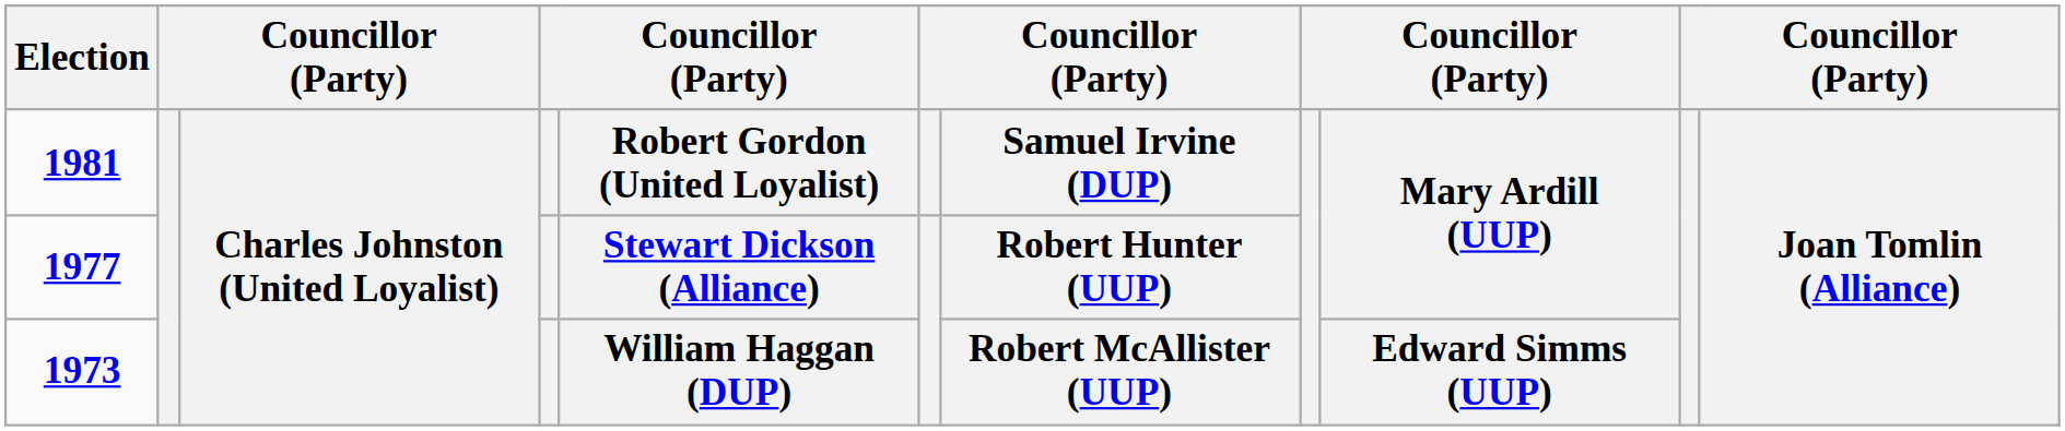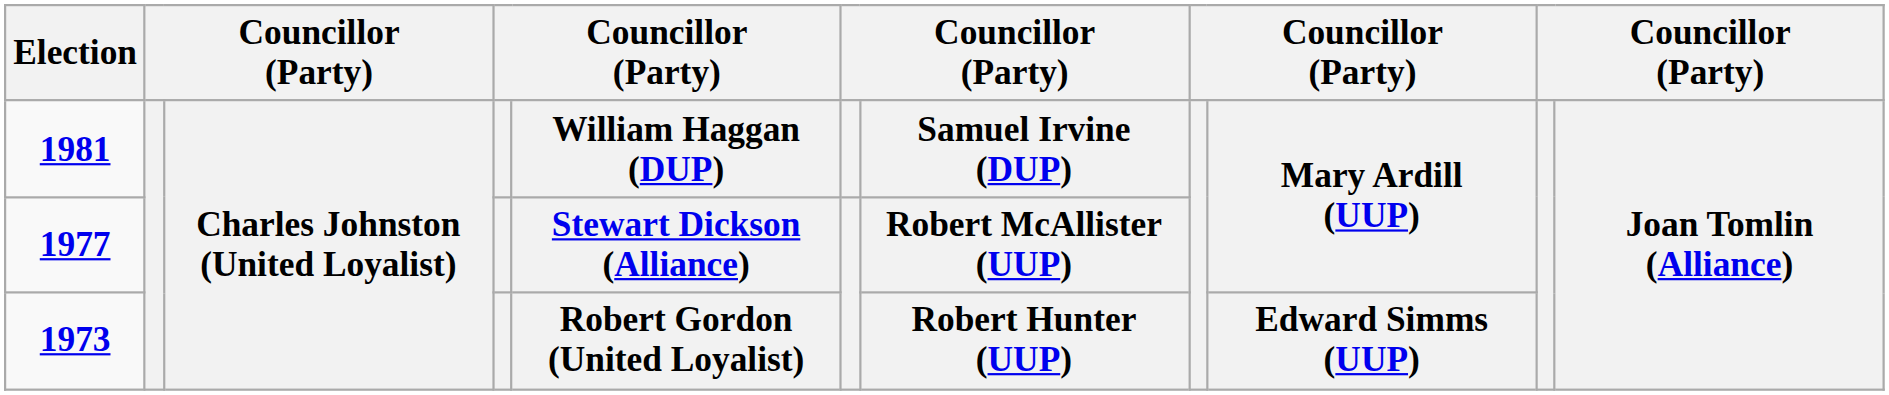 <table class="wikitable" style="text-align:center">
 <tr>
 <th scope="col" width="50">Election</th>
 <th scope="col" width="150" colspan = "2">Councillor<br> (Party)</th>
 <th scope="col" width="150" colspan = "2">Councillor<br> (Party)</th>
 <th scope="col" width="150" colspan = "2">Councillor<br> (Party)</th>
 <th scope="col" width="150" colspan = "2">Councillor<br> (Party)</th>
 <th scope="col" width="150" colspan = "2">Councillor<br> (Party)</th>
 </tr>
 <tr>
 <td><strong><a href='#'>1981</a></strong></td>
 <th rowspan="3" width="1" style="background-color: "></th>
 <th rowspan = "3">Charles Johnston <br> (United Loyalist)</th>
 <th rowspan="1" width="1" style="background-color: "></th>
-<th rowspan = "1">Robert Gordon <br> (United Loyalist)</th>
+<th rowspan = "1">William Haggan <br> (<a href='#'>DUP</a>)</th>
 <th rowspan="1" width="1" style="background-color: "></th>
 <th rowspan = "1">Samuel Irvine <br> (<a href='#'>DUP</a>)</th>
 <th rowspan="3" width="1" style="background-color: "></th>
 <th rowspan = "2">Mary Ardill <br> (<a href='#'>UUP</a>)</th>
 <th rowspan="3" width="1" style="background-color: "></th>
 <th rowspan = "3">Joan Tomlin <br> (<a href='#'>Alliance</a>)</th>
 </tr>
 <tr>
 <td><strong><a href='#'>1977</a></strong></td>
 <th rowspan="1" width="1" style="background-color: "></th>
 <th rowspan = "1"><a href='#'>Stewart Dickson</a> <br> (<a href='#'>Alliance</a>)</th>
 <th rowspan="2" width="1" style="background-color: "></th>
-<th rowspan = "1">Robert Hunter <br> (<a href='#'>UUP</a>)</th>
+<th rowspan = "1">Robert McAllister <br> (<a href='#'>UUP</a>)</th>
 </tr>
 <tr>
 <td><strong><a href='#'>1973</a></strong></td>
 <th rowspan="1" width="1" style="background-color: "></th>
-<th rowspan = "1">William Haggan <br> (<a href='#'>DUP</a>)</th>
-<th rowspan = "1">Robert McAllister <br> (<a href='#'>UUP</a>)</th>
+<th rowspan = "1">Robert Gordon <br> (United Loyalist)</th>
+<th rowspan = "1">Robert Hunter <br> (<a href='#'>UUP</a>)</th>
 <th rowspan = "1">Edward Simms <br> (<a href='#'>UUP</a>)</th>
 </tr>
 </table>
